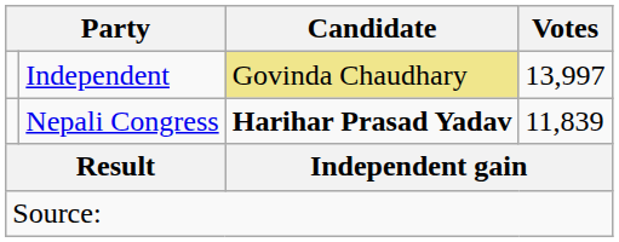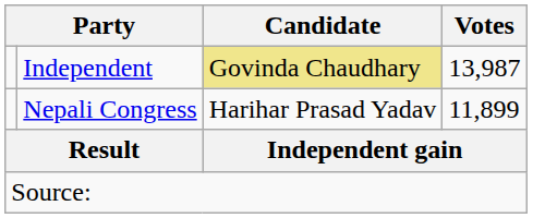 <table class="wikitable">
 <tr>
 <th colspan="2">Party</th>
 <th>Candidate</th>
 <th>Votes</th>
 </tr>
 <tr>
 <td style="background-color:"></td>
 <td><a href='#'>Independent</a></td>
 <td style="background: khaki;">Govinda Chaudhary</td>
-<td>13,997</td>
+<td>13,987</td>
 </tr>
 <tr>
 <td style="background-color:"></td>
 <td><a href='#'>Nepali Congress</a></td>
-<td><strong>Harihar Prasad Yadav</strong></td>
-<td>11,839</td>
+<td>Harihar Prasad Yadav</td>
+<td>11,899</td>
 </tr>
 <tr>
 <th colspan="2">Result</th>
 <th colspan="2">Independent gain</th>
 </tr>
 <tr>
 <td colspan="4">Source: </td>
 </tr>
 </table>
